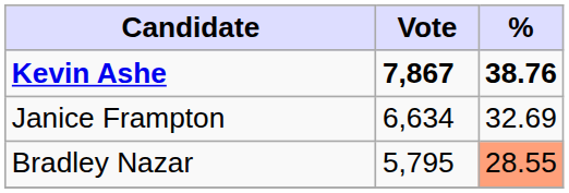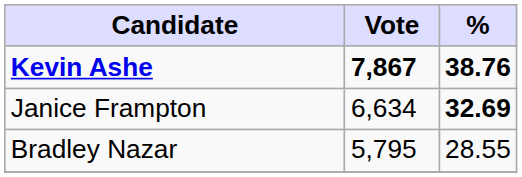 <table class="wikitable">
 <tr>
 <th style="background:#ddf; width:200px;">Candidate</th>
 <th style="background:#ddf; width:50px;">Vote</th>
 <th style="background:#ddf; width:30px;">%</th>
 </tr>
 <tr>
 <td><strong><a href='#'>Kevin Ashe</a></strong></td>
 <td><strong>7,867</strong></td>
 <td><strong>38.76</strong></td>
 </tr>
 <tr>
 <td>Janice Frampton</td>
 <td>6,634</td>
-<td>32.69</td>
+<td><strong>32.69</strong></td>
 </tr>
 <tr>
 <td>Bradley Nazar</td>
 <td>5,795</td>
-<td style="background: lightsalmon;">28.55</td>
+<td>28.55</td>
 </tr>
 <tr>
 </tr>
 </table>
